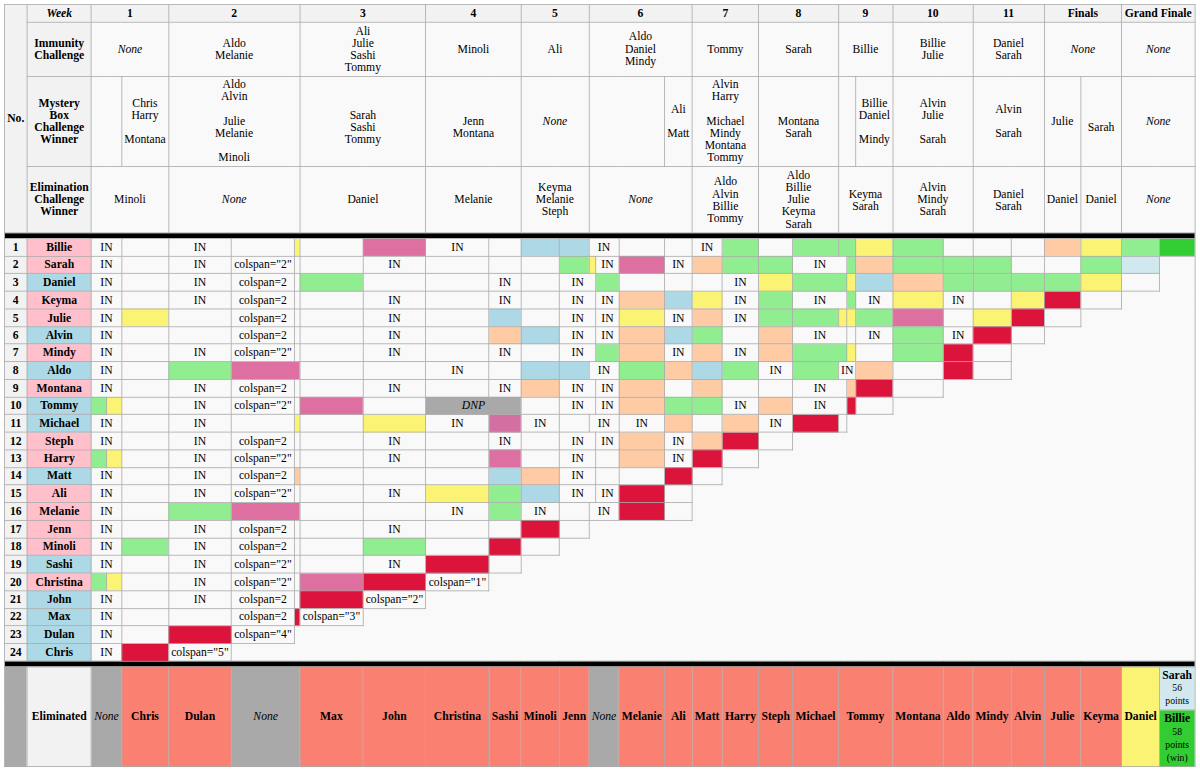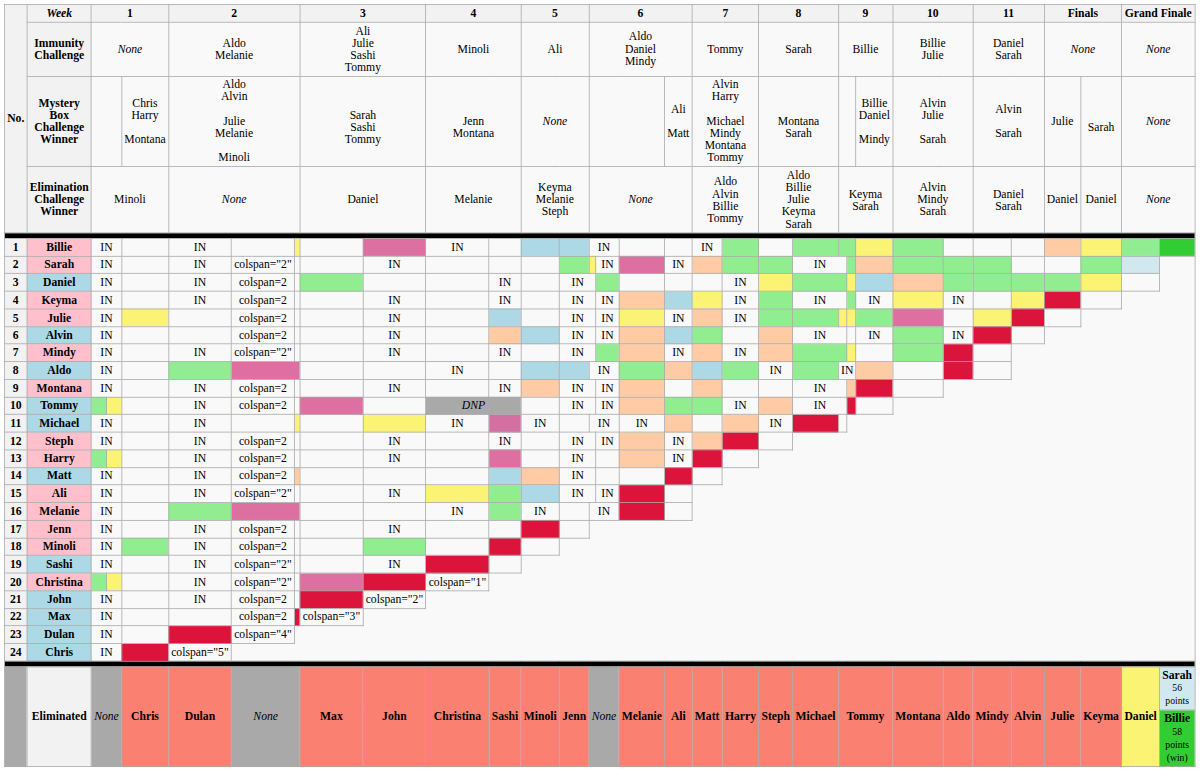 <table class="wikitable" style="text-align:center; width:120px; font-size:90%; line-height:15px">
 <tr>
 <th rowspan="4">No.</th>
 <th><em>Week</em></th>
 <th colspan=3>1</th>
 <th colspan=3>2</th>
 <th colspan=2>3</th>
 <th colspan=2>4</th>
 <th colspan=2>5</th>
 <th colspan=4>6</th>
 <th colspan=2>7</th>
 <th colspan=2>8</th>
 <th colspan=3>9</th>
 <th colspan=2>10</th>
 <th colspan=2>11</th>
 <th colspan=2>Finals</th>
 <th colspan=2>Grand Finale</th>
 </tr>
 <tr>
 <th>Immunity<br>Challenge</th>
 <td colspan=3><em>None</em></td>
 <td colspan=3>Aldo<br>Melanie</td>
 <td colspan=2>Ali<br>Julie<br>Sashi<br>Tommy</td>
 <td colspan=2>Minoli</td>
 <td colspan=2>Ali</td>
 <td colspan=4>Aldo<br>Daniel<br>Mindy</td>
 <td colspan=2>Tommy</td>
 <td colspan=2>Sarah</td>
 <td colspan=3>Billie</td>
 <td colspan=2>Billie<br>Julie</td>
 <td colspan=2>Daniel<br>Sarah</td>
 <td colspan=2><em>None</em></td>
 <td colspan=2><em>None</em></td>
 </tr>
 <tr>
 <th>Mystery<br>Box<br>Challenge<br>Winner</th>
 <td colspan=2></td>
 <td>Chris<br>Harry<br><br>Montana</td>
 <td colspan=3>Aldo<br>Alvin<br><br>Julie<br>Melanie<br><br>Minoli</td>
 <td colspan=2><br>Sarah<br>Sashi<br>Tommy</td>
 <td colspan=2><br>Jenn<br>Montana</td>
 <td colspan=2><em>None</em></td>
 <td colspan=3></td>
 <td>Ali<br><br>Matt</td>
 <td colspan=2>Alvin<br>Harry<br><br>Michael<br>Mindy<br>Montana<br>Tommy</td>
 <td colspan=2><br>Montana<br>Sarah</td>
 <td colspan=2></td>
 <td>Billie<br>Daniel<br><br>Mindy</td>
 <td colspan=2>Alvin<br>Julie<br><br>Sarah</td>
 <td colspan=2>Alvin<br><br>Sarah</td>
 <td colspan=1>Julie<br></td>
 <td colspan=1><br>Sarah</td>
 <td colspan=2><em>None</em></td>
 </tr>
 <tr>
 <th>Elimination<br>Challenge<br>Winner</th>
 <td colspan=3>Minoli</td>
 <td colspan=3><em>None</em></td>
 <td colspan=2>Daniel</td>
 <td colspan=2>Melanie</td>
 <td colspan=2>Keyma<br>Melanie<br>Steph</td>
 <td colspan=4><em>None</em></td>
 <td colspan=2>Aldo<br>Alvin<br>Billie<br>Tommy</td>
 <td colspan=2>Aldo<br>Billie<br>Julie<br>Keyma<br>Sarah</td>
 <td colspan=3>Keyma<br>Sarah</td>
 <td colspan=2>Alvin<br>Mindy<br>Sarah</td>
 <td colspan=2>Daniel<br>Sarah</td>
 <td colspan=1>Daniel</td>
 <td colspan=1>Daniel</td>
 <td colspan=2><em>None</em></td>
 </tr>
 <tr>
 <td colspan="33" style="background:black;"></td>
 </tr>
 <tr>
 <th>1</th>
 <th style="background:#FFC0CB;">Billie</th>
 <td colspan=2>IN</td>
 <td></td>
 <td>IN</td>
 <td></td>
 <td style="background:#fbf373;"></td>
 <td></td>
 <td style="background:#de6fa1;"></td>
 <td>IN</td>
 <td></td>
 <td style="background:lightblue;"></td>
 <td style="background:lightblue;"></td>
 <td colspan=2>IN</td>
 <td></td>
 <td></td>
 <td>IN</td>
 <td style="background:lightgreen;"></td>
 <td></td>
 <td style="background:lightgreen;"></td>
 <td colspan=2 style="background:lightgreen;"></td>
 <td style="background:#fbf373;"></td>
 <td style="background:lightgreen;"></td>
 <td></td>
 <td></td>
 <td></td>
 <td style="background:#FFCBA4;"></td>
 <td style="background:#fbf373;"></td>
 <td style="background:lightgreen;"></td>
 <td style="background:limegreen;"></td>
 </tr>
 <tr>
 <th>2</th>
 <th style="background:#FFC0CB;">Sarah</th>
 <td colspan="2">IN</td>
 <td></td>
 <td>IN</td>
 <td>colspan="2" </td>
 <td></td>
 <td></td>
 <td>IN</td>
 <td></td>
 <td></td>
 <td></td>
 <td style="background:lightgreen;"></td>
 <td style="background:#fbf373;"></td>
 <td>IN</td>
 <td style="background:#de6fa1;"></td>
 <td>IN</td>
 <td style="background:#FFCBA4;"></td>
 <td style="background:lightgreen;"></td>
 <td style="background:lightgreen;"></td>
 <td colspan=2>IN</td>
 <td style="background:lightgreen;"></td>
 <td style="background:#FFCBA4;"></td>
 <td style="background:lightgreen;"></td>
 <td style="background:lightgreen;"></td>
 <td style="background:lightgreen;"></td>
 <td></td>
 <td></td>
 <td style="background:lightgreen;"></td>
 <td style="background:#d1e8ef;"></td>
 </tr>
 <tr>
 <th>3</th>
 <th style="background:#ADD8E6;">Daniel</th>
 <td colspan=2>IN</td>
 <td></td>
 <td>IN</td>
 <td>colspan=2 </td>
 <td></td>
 <td style="background:lightgreen;"></td>
 <td></td>
 <td></td>
 <td>IN</td>
 <td></td>
 <td colspan=2>IN</td>
 <td style="background:lightgreen;"></td>
 <td></td>
 <td></td>
 <td></td>
 <td>IN</td>
 <td style="background:#fbf373;"></td>
 <td colspan=2 style="background:lightgreen;"></td>
 <td style="background:#fbf373;"></td>
 <td style="background:lightblue;"></td>
 <td style="background:#FFCBA4;"></td>
 <td style="background:lightgreen;"></td>
 <td style="background:lightgreen;"></td>
 <td style="background:lightgreen;"></td>
 <td style="background:lightgreen;"></td>
 <td style="background:#fbf373;"></td>
 <td></td>
 </tr>
 <tr>
 <th>4</th>
 <th style="background:#FFC0CB;">Keyma</th>
 <td colspan=2>IN</td>
 <td></td>
 <td>IN</td>
 <td>colspan=2 </td>
 <td></td>
 <td></td>
 <td>IN</td>
 <td></td>
 <td>IN</td>
 <td></td>
 <td colspan=2>IN</td>
 <td>IN</td>
 <td style="background:#FFCBA4;"></td>
 <td style="background:lightblue;"></td>
 <td style="background:#fbf373;"></td>
 <td>IN</td>
 <td style="background:lightgreen;"></td>
 <td colspan=2>IN</td>
 <td style="background:lightgreen;"></td>
 <td>IN</td>
 <td style="background:#fbf373;"></td>
 <td>IN</td>
 <td></td>
 <td style="background:#fbf373;"></td>
 <td style="background:crimson;"></td>
 <td></td>
 </tr>
 <tr>
 <th>5</th>
 <th style="background:#FFC0CB;">Julie</th>
 <td colspan=2>IN</td>
 <td style="background:#fbf373;"></td>
 <td></td>
 <td>colspan=2 </td>
 <td></td>
 <td></td>
 <td>IN</td>
 <td></td>
 <td style="background:lightblue;"></td>
 <td></td>
 <td colspan=2>IN</td>
 <td>IN</td>
 <td style="background:#fbf373;"></td>
 <td>IN</td>
 <td style="background:#FFCBA4;"></td>
 <td>IN</td>
 <td style="background:lightgreen;"></td>
 <td style="background:lightgreen;"></td>
 <td style="background:#fbf373;"></td>
 <td style="background:#fbf373;"></td>
 <td style="background:lightgreen;"></td>
 <td style="background:#de6fa1;"></td>
 <td></td>
 <td style="background:#fbf373;"></td>
 <td style="background:crimson;"></td>
 <td></td>
 </tr>
 <tr>
 <th>6</th>
 <th style="background:#ADD8E6;">Alvin</th>
 <td colspan=2>IN</td>
 <td></td>
 <td></td>
 <td>colspan=2 </td>
 <td></td>
 <td></td>
 <td>IN</td>
 <td></td>
 <td style="background:#FFCBA4;"></td>
 <td style="background:lightblue;"></td>
 <td colspan=2>IN</td>
 <td>IN</td>
 <td style="background:#FFCBA4;"></td>
 <td style="background:lightblue;"></td>
 <td style="background:lightgreen;"></td>
 <td></td>
 <td style="background:#FFCBA4;"></td>
 <td colspan=2>IN</td>
 <td></td>
 <td>IN</td>
 <td style="background:lightgreen;"></td>
 <td>IN</td>
 <td style="background:crimson;"></td>
 <td></td>
 </tr>
 <tr>
 <th>7</th>
 <th style="background:#FFC0CB;">Mindy</th>
 <td colspan="2">IN</td>
 <td></td>
 <td>IN</td>
 <td>colspan="2" </td>
 <td></td>
 <td></td>
 <td>IN</td>
 <td></td>
 <td>IN</td>
 <td></td>
 <td colspan="2">IN</td>
 <td style="background:lightgreen;"></td>
 <td style="background:#FFCBA4;"></td>
 <td>IN</td>
 <td style="background:#FFCBA4;"></td>
 <td>IN</td>
 <td style="background:#FFCBA4;"></td>
 <td colspan=2 style="background:lightgreen;"></td>
 <td style="background:#fbf373;"></td>
 <td></td>
 <td style="background:lightgreen;"></td>
 <td style="background:crimson;"></td>
 <td></td>
 </tr>
 <tr>
 <th>8</th>
 <th style="background:#ADD8E6;">Aldo</th>
 <td colspan=2>IN</td>
 <td></td>
 <td style="background:lightgreen;"></td>
 <td colspan=2 style="background:#de6fa1;"></td>
 <td></td>
 <td></td>
 <td>IN</td>
 <td></td>
 <td style="background:lightblue;"></td>
 <td style="background:lightblue;"></td>
 <td colspan=2>IN</td>
 <td style="background:lightgreen;"></td>
 <td style="background:#FFCBA4;"></td>
 <td style="background:lightblue;"></td>
 <td style="background:lightgreen;"></td>
 <td>IN</td>
 <td style="background:lightgreen;"></td>
 <td colspan=2>IN</td>
 <td style="background:#FFCBA4;"></td>
 <td></td>
 <td style="background:crimson;"></td>
 <td></td>
 </tr>
 <tr>
 <th>9</th>
 <th style="background:#FFC0CB;">Montana</th>
 <td colspan="2">IN</td>
 <td></td>
 <td>IN</td>
 <td>colspan=2 </td>
 <td></td>
 <td></td>
 <td>IN</td>
 <td></td>
 <td>IN</td>
 <td style="background:#FFCBA4;"></td>
 <td colspan="2">IN</td>
 <td>IN</td>
 <td style="background:#FFCBA4;"></td>
 <td></td>
 <td style="background:#FFCBA4;"></td>
 <td></td>
 <td></td>
 <td colspan=2>IN</td>
 <td style="background:#FFCBA4;"></td>
 <td style="background:crimson;"></td>
 <td></td>
 </tr>
 <tr>
 <th>10</th>
 <th style="background:#ADD8E6;">Tommy</th>
 <td style="background:lightgreen;"></td>
 <td style="background:#fbf373;"></td>
 <td></td>
 <td>IN</td>
-<td>colspan="2" </td>
+<td>colspan=2 </td>
 <td></td>
 <td style="background:#de6fa1;"></td>
 <td></td>
 <td colspan="2" style="background:darkgray;"><em>DNP</em></td>
 <td></td>
 <td colspan=2>IN</td>
 <td>IN</td>
 <td style="background:#FFCBA4;"></td>
 <td style="background:lightgreen;"></td>
 <td style="background:lightgreen;"></td>
 <td>IN</td>
 <td style="background:#FFCBA4;"></td>
 <td colspan=2>IN</td>
 <td style="background:crimson;"></td>
 <td></td>
 </tr>
 <tr>
 <th>11</th>
 <th style="background:#ADD8E6;">Michael</th>
 <td colspan="2">IN</td>
 <td></td>
 <td>IN</td>
 <td></td>
 <td style="background:#fbf373;"></td>
 <td></td>
 <td style="background:#fbf373;"></td>
 <td>IN</td>
 <td style="background:#d36fa1;"></td>
 <td>IN</td>
 <td></td>
 <td colspan=2>IN</td>
 <td>IN</td>
 <td style="background:#FFCBA4;"></td>
 <td></td>
 <td style="background:#FFCBA4;"></td>
 <td>IN</td>
 <td style="background:crimson;"></td>
 <td></td>
 </tr>
 <tr>
 <th>12</th>
 <th style="background:#FFC0CB;">Steph</th>
 <td colspan="2">IN</td>
 <td></td>
 <td>IN</td>
 <td>colspan=2 </td>
 <td></td>
 <td></td>
 <td>IN</td>
 <td></td>
 <td>IN</td>
 <td></td>
 <td colspan="2">IN</td>
 <td>IN</td>
 <td style="background:#FFCBA4;"></td>
 <td>IN</td>
 <td style="background:#FFCBA4;"></td>
 <td style="background:crimson;"></td>
 <td></td>
 </tr>
 <tr>
 <th>13</th>
 <th style="background:#FFC0CB;">Harry</th>
 <td style="background:lightgreen;"></td>
 <td style="background:#fbf373;"></td>
 <td></td>
 <td>IN</td>
-<td>colspan="2" </td>
+<td>colspan=2 </td>
 <td></td>
 <td></td>
 <td>IN</td>
 <td></td>
 <td style="background:#de6fa1;"></td>
 <td></td>
 <td colspan=2>IN</td>
 <td></td>
 <td style="background:#FFCBA4;"></td>
 <td>IN</td>
 <td style="background:crimson;"></td>
 <td></td>
 </tr>
 <tr>
 <th>14</th>
 <th style="background:#ADD8E6;">Matt</th>
 <td colspan=2>IN</td>
 <td></td>
 <td>IN</td>
 <td>colspan=2 </td>
 <td style="background:#FFCBA4;"></td>
 <td></td>
 <td></td>
 <td></td>
 <td style="background:lightblue;"></td>
 <td style="background:#FFCBA4;"></td>
 <td colspan=2>IN</td>
 <td></td>
 <td></td>
 <td style="background:crimson;"></td>
 <td></td>
 </tr>
 <tr>
 <th>15</th>
 <th style="background:#FFC0CB;">Ali</th>
 <td colspan=2>IN</td>
 <td></td>
 <td>IN</td>
 <td>colspan="2" </td>
 <td></td>
 <td></td>
 <td>IN</td>
 <td style="background:#fbf373;"></td>
 <td style="background:lightgreen;"></td>
 <td style="background:lightblue;"></td>
 <td colspan=2>IN</td>
 <td>IN</td>
 <td style="background:crimson;"></td>
 <td></td>
 </tr>
 <tr>
 <th>16</th>
 <th style="background:#FFC0CB;">Melanie</th>
 <td colspan=2>IN</td>
 <td></td>
 <td style="background:lightgreen;"></td>
 <td colspan=2 style="background:#de6fa1;"></td>
 <td></td>
 <td></td>
 <td>IN</td>
 <td style="background:lightgreen;"></td>
 <td>IN</td>
 <td></td>
 <td colspan=2>IN</td>
 <td style="background:crimson;"></td>
 <td></td>
 </tr>
 <tr>
 <th>17</th>
 <th style="background:#FFC0CB;">Jenn</th>
 <td colspan=2>IN</td>
 <td></td>
 <td>IN</td>
 <td>colspan=2 </td>
 <td></td>
 <td></td>
 <td>IN</td>
 <td></td>
 <td></td>
 <td style="background:crimson;"></td>
 <td></td>
 </tr>
 <tr>
 <th>18</th>
 <th style="background:#FFC0CB;">Minoli</th>
 <td colspan=2>IN</td>
 <td style="background:lightgreen;"></td>
 <td>IN</td>
 <td>colspan=2 </td>
 <td></td>
 <td></td>
 <td style="background:lightgreen;"></td>
 <td></td>
 <td style="background:crimson;"></td>
 <td></td>
 </tr>
 <tr>
 <th>19</th>
 <th style="background:#ADD8E6;">Sashi</th>
 <td colspan=2>IN</td>
 <td></td>
 <td>IN</td>
 <td>colspan="2" </td>
 <td></td>
 <td></td>
 <td>IN</td>
 <td style="background:crimson;"></td>
 <td></td>
 </tr>
 <tr>
 <th>20</th>
 <th style="background:#FFC0CB;">Christina</th>
 <td style="background:lightgreen;"></td>
 <td style="background:#fbf373;"></td>
 <td></td>
 <td>IN</td>
 <td>colspan="2" </td>
 <td></td>
 <td style="background:#de6fa1;"></td>
 <td style="background:crimson;"></td>
 <td>colspan="1" </td>
 </tr>
 <tr>
 <th>21</th>
 <th style="background:#ADD8E6;">John</th>
 <td colspan="2">IN</td>
 <td></td>
 <td>IN</td>
 <td>colspan=2 </td>
 <td></td>
 <td style="background:crimson;"></td>
 <td>colspan="2" </td>
 </tr>
 <tr>
 <th>22</th>
 <th style="background:#ADD8E6;">Max</th>
 <td colspan=2>IN</td>
 <td></td>
 <td></td>
 <td>colspan=2 </td>
 <td style="background:crimson;"></td>
 <td>colspan="3" </td>
 </tr>
 <tr>
 <th>23</th>
 <th style="background:#ADD8E6;">Dulan</th>
 <td colspan=2>IN</td>
 <td></td>
 <td style="background:crimson;"></td>
 <td>colspan="4" </td>
 </tr>
 <tr>
 <th>24</th>
 <th style="background:#ADD8E6;">Chris</th>
 <td colspan=2>IN</td>
 <td style="background:crimson;"></td>
 <td>colspan="5" </td>
 </tr>
 <tr>
 <td colspan="33" style="background:black;"></td>
 </tr>
 <tr>
 <td rowspan="2" style="background:darkgray;"></td>
 <th rowspan="2">Eliminated</th>
 <td rowspan="2" colspan="2" style="background:darkgray;"><em>None</em></td>
 <td rowspan="2" style="background:salmon;"><strong>Chris</strong></td>
 <td rowspan="2" style="background:salmon;"><strong>Dulan</strong></td>
 <td rowspan="2" colspan="2" style="background:darkgray;"><em>None</em></td>
 <td rowspan="2"  style="background:salmon;"><strong>Max</strong></td>
 <td rowspan="2" style="background:salmon;"><strong>John</strong></td>
 <td rowspan="2" style="background:salmon;"><strong>Christina</strong></td>
 <td rowspan="2" style="background:salmon;"><strong>Sashi</strong></td>
 <td rowspan="2" style="background:salmon;"><strong>Minoli</strong></td>
 <td rowspan="2" style="background:salmon;"><strong>Jenn</strong></td>
 <td rowspan="2" colspan="2" style="background:darkgray;"><em>None</em></td>
 <td rowspan="2" style="background:salmon;"><strong>Melanie</strong></td>
 <td rowspan="2" style="background:salmon;"><strong>Ali</strong></td>
 <td rowspan="2" style="background:salmon;"><strong>Matt</strong></td>
 <td rowspan="2" style="background:salmon;"><strong>Harry</strong></td>
 <td rowspan="2" style="background:salmon;"><strong>Steph</strong></td>
 <td rowspan="2" style="background:salmon;"><strong>Michael</strong></td>
 <td rowspan="2" colspan="3" style="background:salmon;"><strong>Tommy</strong></td>
 <td rowspan="2" style="background:salmon;"><strong>Montana</strong></td>
 <td rowspan="2" style="background:salmon;"><strong>Aldo</strong></td>
 <td rowspan="2" style="background:salmon;"><strong>Mindy</strong></td>
 <td rowspan="2" style="background:salmon;"><strong>Alvin</strong></td>
 <td rowspan="2" style="background:salmon;"><strong>Julie</strong></td>
 <td rowspan="2" colspan="1" style="background:salmon;"><strong>Keyma</strong></td>
 <td rowspan="2" style="background:#fbf373;"><strong>Daniel</strong></td>
 <td style="background:#d1e8ef;"><strong>Sarah</strong><br><small>56 points</small></td>
 </tr>
 <tr>
 <td style="background:limegreen;"><strong>Billie</strong><br><small>58 points (win)</small></td>
 </tr>
 </table>
